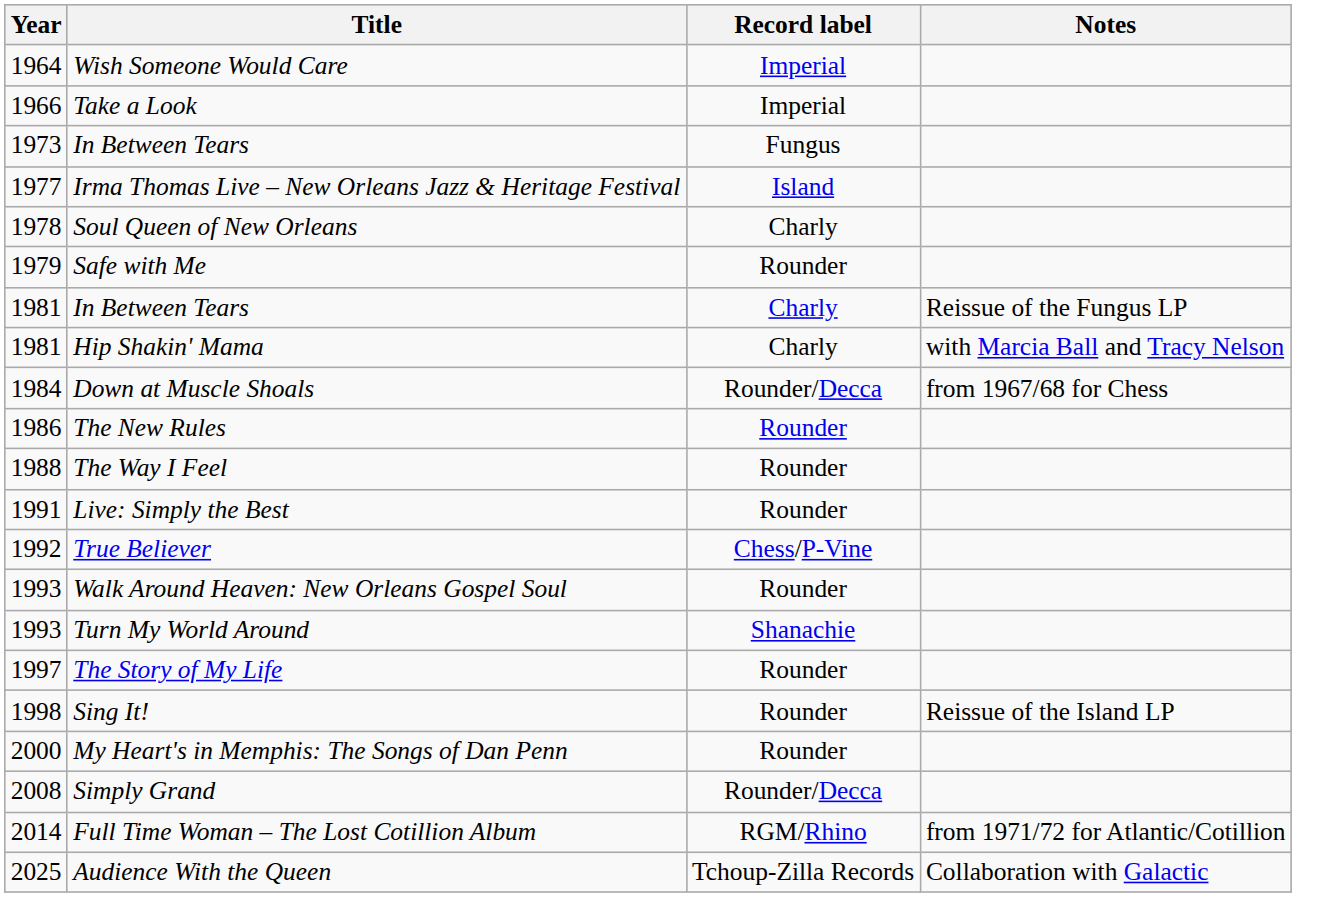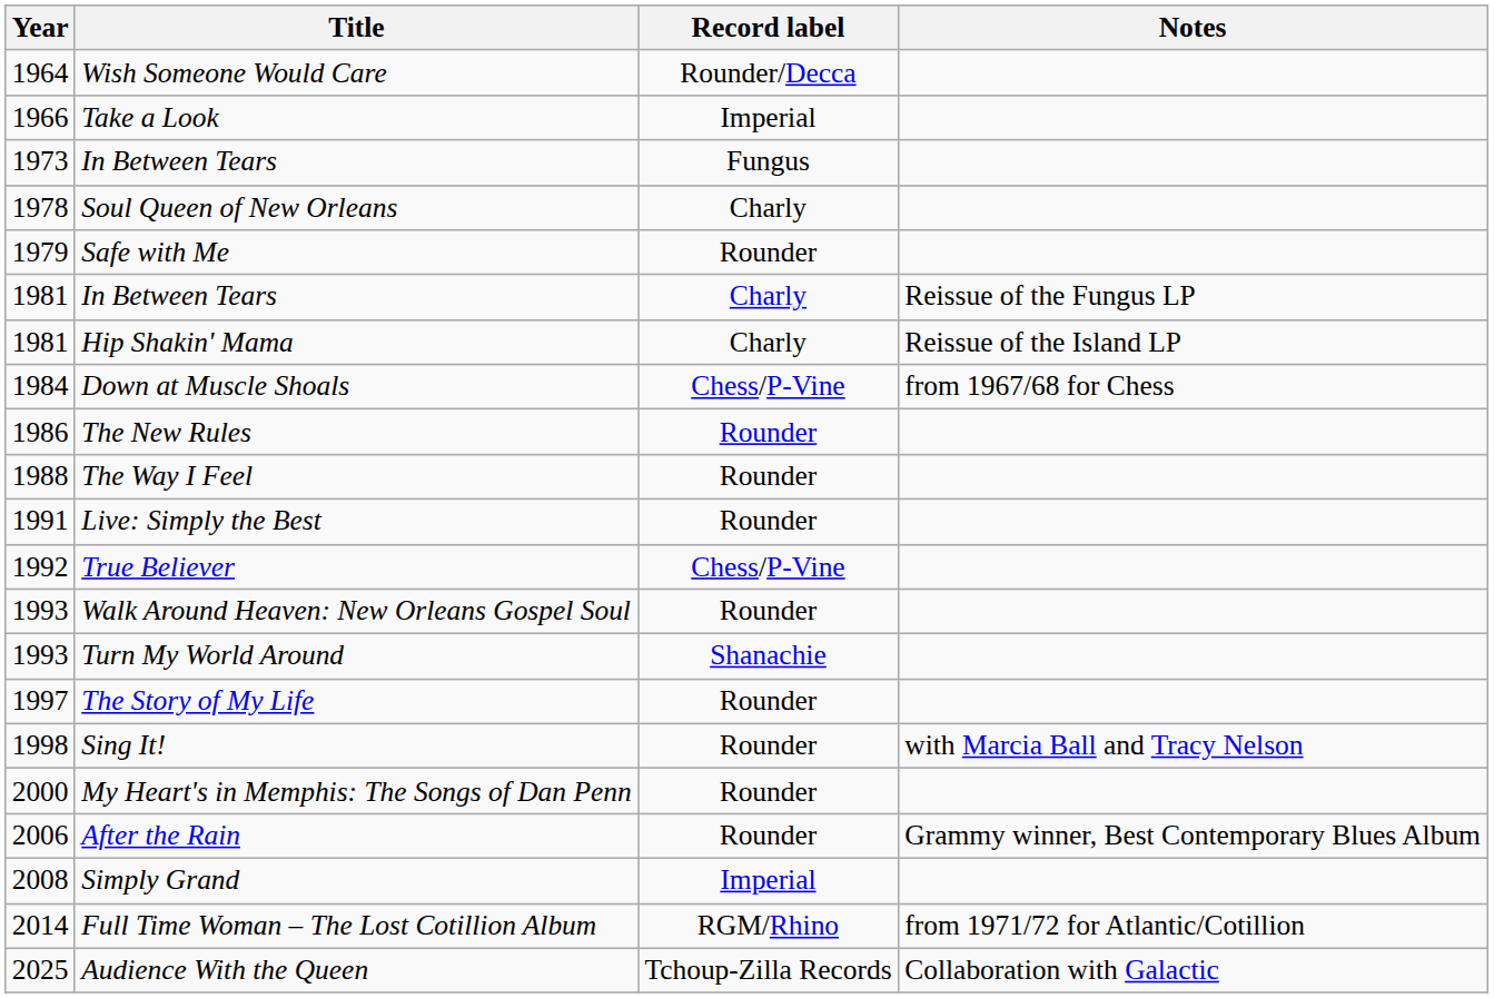 <table class="wikitable sortable">
 <tr>
 <th>Year</th>
 <th>Title</th>
 <th>Record label</th>
 <th>Notes</th>
 </tr>
 <tr>
 <td>1964</td>
 <td><em>Wish Someone Would Care</em></td>
-<td style="text-align:center;"><a href='#'>Imperial</a></td>
+<td style="text-align:center;">Rounder/<a href='#'>Decca</a></td>
 <td></td>
 </tr>
 <tr>
 <td>1966</td>
 <td><em>Take a Look</em></td>
 <td style="text-align:center;">Imperial</td>
 <td></td>
 </tr>
 <tr>
 <td>1973</td>
 <td><em>In Between Tears</em></td>
 <td style="text-align:center;">Fungus</td>
-<td></td>
-</tr>
-<tr>
-<td>1977</td>
-<td><em>Irma Thomas Live – New Orleans Jazz & Heritage Festival</em></td>
-<td style="text-align:center;"><a href='#'>Island</a></td>
 <td></td>
 </tr>
 <tr>
 <td>1978</td>
 <td><em>Soul Queen of New Orleans</em></td>
 <td style="text-align:center;">Charly</td>
 <td></td>
 </tr>
 <tr>
 <td>1979</td>
 <td><em>Safe with Me</em></td>
 <td style="text-align:center;">Rounder</td>
 <td></td>
 </tr>
 <tr>
 <td>1981</td>
 <td><em>In Between Tears</em></td>
 <td style="text-align:center;"><a href='#'>Charly</a></td>
 <td>Reissue of the Fungus LP</td>
 </tr>
 <tr>
 <td>1981</td>
 <td><em>Hip Shakin' Mama</em></td>
 <td style="text-align:center;">Charly</td>
-<td>with <a href='#'>Marcia Ball</a> and <a href='#'>Tracy Nelson</a></td>
+<td>Reissue of the Island LP</td>
 </tr>
 <tr>
 <td>1984</td>
 <td><em>Down at Muscle Shoals</em></td>
-<td style="text-align:center;">Rounder/<a href='#'>Decca</a></td>
+<td style="text-align:center;"><a href='#'>Chess</a>/<a href='#'>P-Vine</a></td>
 <td>from 1967/68 for Chess</td>
 </tr>
 <tr>
 <td>1986</td>
 <td><em>The New Rules</em></td>
 <td style="text-align:center;"><a href='#'>Rounder</a></td>
 <td></td>
 </tr>
 <tr>
 <td>1988</td>
 <td><em>The Way I Feel</em></td>
 <td style="text-align:center;">Rounder</td>
 <td></td>
 </tr>
 <tr>
 <td>1991</td>
 <td><em>Live: Simply the Best</em></td>
 <td style="text-align:center;">Rounder</td>
 <td></td>
 </tr>
 <tr>
 <td>1992</td>
 <td><em><a href='#'>True Believer</a></em></td>
 <td style="text-align:center;"><a href='#'>Chess</a>/<a href='#'>P-Vine</a></td>
 <td></td>
 </tr>
 <tr>
 <td>1993</td>
 <td><em>Walk Around Heaven: New Orleans Gospel Soul</em></td>
 <td style="text-align:center;">Rounder</td>
 <td></td>
 </tr>
 <tr>
 <td>1993</td>
 <td><em>Turn My World Around</em></td>
 <td style="text-align:center;"><a href='#'>Shanachie</a></td>
 <td></td>
 </tr>
 <tr>
 <td>1997</td>
 <td><em><a href='#'>The Story of My Life</a></em></td>
 <td style="text-align:center;">Rounder</td>
 <td></td>
 </tr>
 <tr>
 <td>1998</td>
 <td><em>Sing It!</em></td>
 <td style="text-align:center;">Rounder</td>
-<td>Reissue of the Island LP</td>
+<td>with <a href='#'>Marcia Ball</a> and <a href='#'>Tracy Nelson</a></td>
 </tr>
 <tr>
 <td>2000</td>
 <td><em>My Heart's in Memphis: The Songs of Dan Penn</em></td>
 <td style="text-align:center;">Rounder</td>
 <td></td>
 </tr>
 <tr>
+<td>2006</td>
+<td><em><a href='#'>After the Rain</a></em></td>
+<td style="text-align:center;">Rounder</td>
+<td>Grammy winner, Best Contemporary Blues Album</td>
+</tr>
+<tr>
 <td>2008</td>
 <td><em>Simply Grand</em></td>
-<td style="text-align:center;">Rounder/<a href='#'>Decca</a></td>
+<td style="text-align:center;"><a href='#'>Imperial</a></td>
 <td></td>
 </tr>
 <tr>
 <td>2014</td>
 <td><em>Full Time Woman – The Lost Cotillion Album</em></td>
 <td style="text-align:center;">RGM/<a href='#'>Rhino</a></td>
 <td>from 1971/72 for Atlantic/Cotillion</td>
 </tr>
 <tr>
 <td>2025</td>
 <td><em>Audience With the Queen</em></td>
 <td style="text-align:center;">Tchoup-Zilla Records</td>
 <td>Collaboration with <a href='#'>Galactic</a></td>
 </tr>
 </table>
